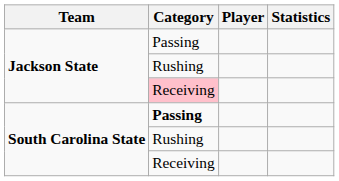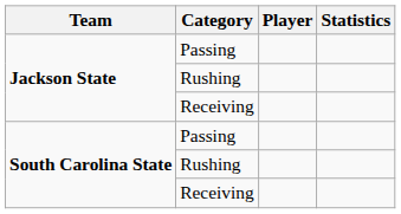 <table class="wikitable" style="float: right;">
 <tr>
 <th>Team</th>
 <th>Category</th>
 <th>Player</th>
 <th>Statistics</th>
 </tr>
 <tr>
 <td rowspan=3><strong>Jackson State</strong></td>
 <td>Passing</td>
 <td></td>
 <td></td>
 </tr>
 <tr>
 <td>Rushing</td>
 <td></td>
 <td></td>
 </tr>
 <tr>
-<td style="background: pink;">Receiving</td>
+<td>Receiving</td>
 <td></td>
 <td></td>
 </tr>
 <tr>
 <td rowspan=3><strong>South Carolina State</strong></td>
-<td><strong>Passing</strong></td>
+<td>Passing</td>
 <td></td>
 <td></td>
 </tr>
 <tr>
 <td>Rushing</td>
 <td></td>
 <td></td>
 </tr>
 <tr>
 <td>Receiving</td>
 <td></td>
 <td></td>
 </tr>
 </table>
